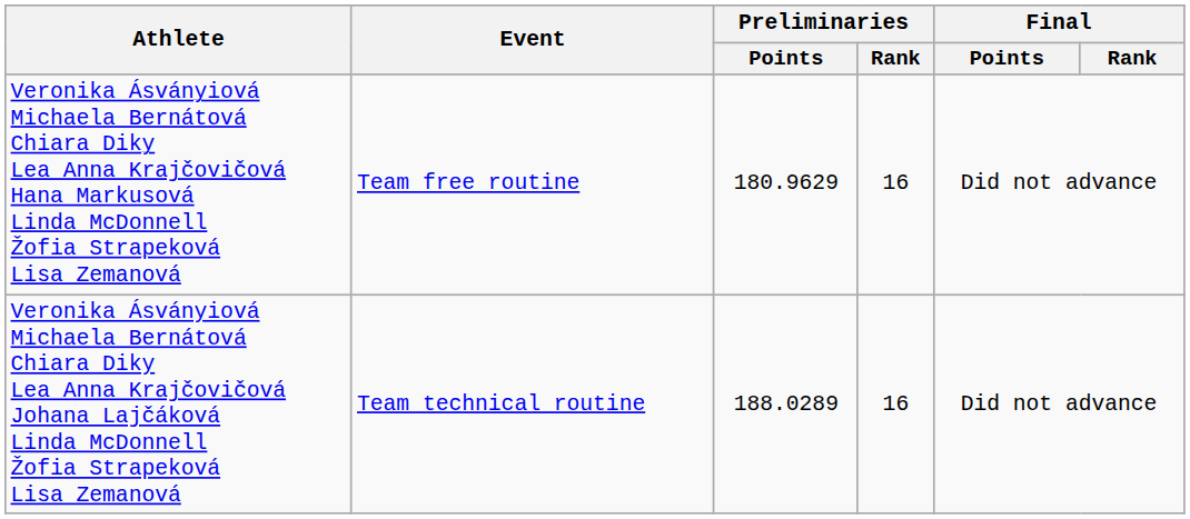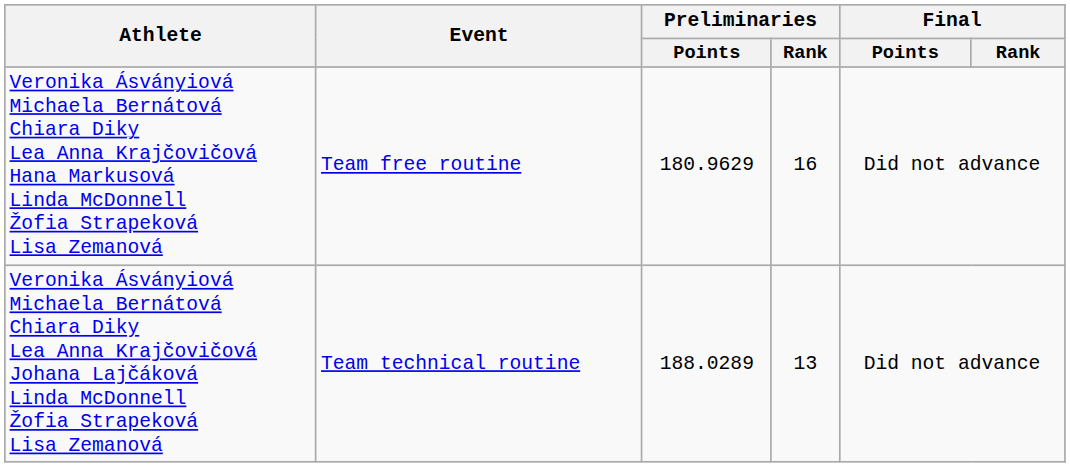 <table class="wikitable" style="text-align:center; font-size:90%; width:50%; ">
 <tr>
 <th rowspan="2">Athlete</th>
 <th rowspan="2">Event</th>
 <th colspan="2">Preliminaries</th>
 <th colspan="2">Final</th>
 </tr>
 <tr style="font-size:95%">
 <th>Points</th>
 <th>Rank</th>
 <th>Points</th>
 <th>Rank</th>
 </tr>
 <tr>
 <td align=left><a href='#'>Veronika Ásványiová</a><br> <a href='#'>Michaela Bernátová</a><br><a href='#'>Chiara Diky</a><br> <a href='#'>Lea Anna Krajčovičová</a><br> <a href='#'>Hana Markusová</a><br>  <a href='#'>Linda McDonnell</a><br> <a href='#'>Žofia Strapeková</a><br> <a href='#'>Lisa Zemanová</a></td>
 <td align=left><a href='#'>Team free routine</a></td>
 <td>180.9629</td>
 <td>16</td>
 <td colspan=2>Did not advance</td>
 </tr>
 <tr>
 <td align=left><a href='#'>Veronika Ásványiová</a><br> <a href='#'>Michaela Bernátová</a><br><a href='#'>Chiara Diky</a><br> <a href='#'>Lea Anna Krajčovičová</a><br> <a href='#'>Johana Lajčáková</a><br>  <a href='#'>Linda McDonnell</a><br> <a href='#'>Žofia Strapeková</a><br> <a href='#'>Lisa Zemanová</a></td>
 <td align=left><a href='#'>Team technical routine</a></td>
 <td>188.0289</td>
-<td>16</td>
+<td>13</td>
 <td colspan=2>Did not advance</td>
 </tr>
 </table>
